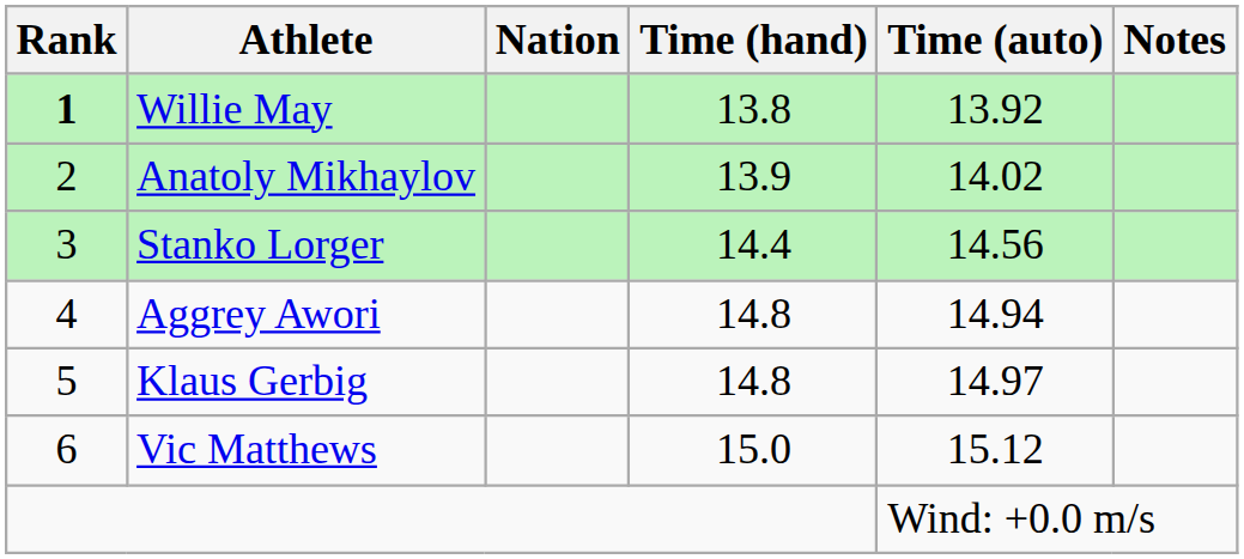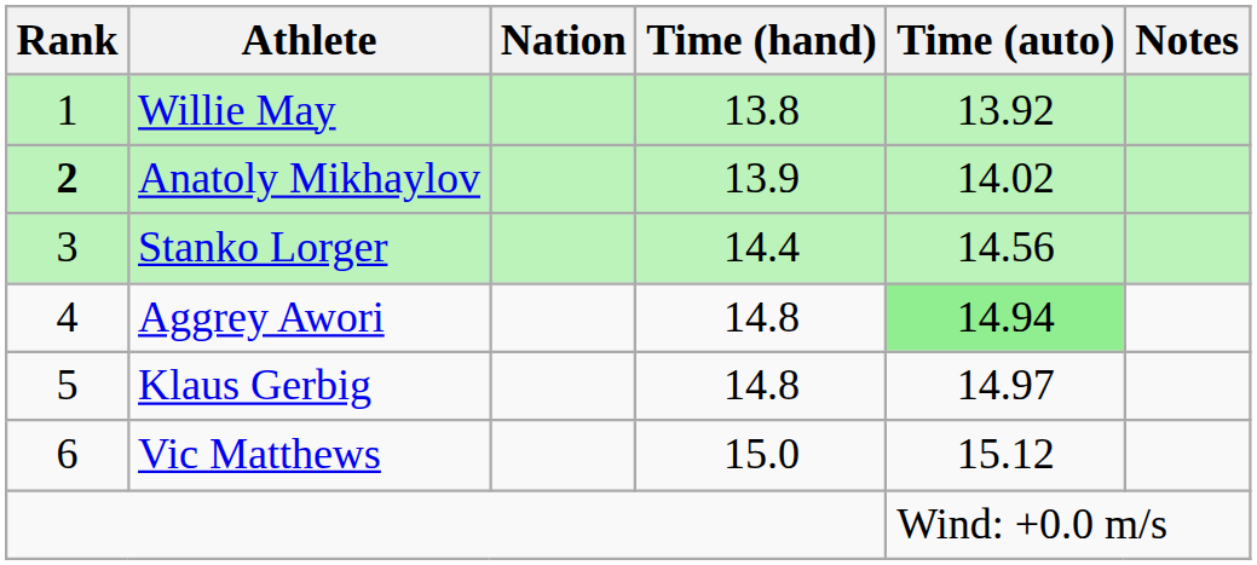 <table class="wikitable sortable" style="text-align:center">
 <tr>
 <th>Rank</th>
 <th>Athlete</th>
 <th>Nation</th>
 <th>Time (hand)</th>
 <th>Time (auto)</th>
 <th>Notes</th>
 </tr>
 <tr bgcolor=bbf3bb>
-<td><strong>1</strong></td>
+<td>1</td>
 <td align=left><a href='#'>Willie May</a></td>
 <td align=left></td>
 <td>13.8</td>
 <td>13.92</td>
 <td></td>
 </tr>
 <tr bgcolor=bbf3bb>
-<td>2</td>
+<td><strong>2</strong></td>
 <td align=left><a href='#'>Anatoly Mikhaylov</a></td>
 <td align=left></td>
 <td>13.9</td>
 <td>14.02</td>
 <td></td>
 </tr>
 <tr bgcolor=bbf3bb>
 <td>3</td>
 <td align=left><a href='#'>Stanko Lorger</a></td>
 <td align=left></td>
 <td>14.4</td>
 <td>14.56</td>
 <td></td>
 </tr>
 <tr>
 <td>4</td>
 <td align=left><a href='#'>Aggrey Awori</a></td>
 <td align=left></td>
 <td>14.8</td>
-<td>14.94</td>
+<td style="background: lightgreen;">14.94</td>
 <td></td>
 </tr>
 <tr>
 <td>5</td>
 <td align=left><a href='#'>Klaus Gerbig</a></td>
 <td align=left></td>
 <td>14.8</td>
 <td>14.97</td>
 <td></td>
 </tr>
 <tr>
 <td>6</td>
 <td align=left><a href='#'>Vic Matthews</a></td>
 <td align=left></td>
 <td>15.0</td>
 <td>15.12</td>
 <td></td>
 </tr>
 <tr class="sortbottom">
 <td colspan=4></td>
 <td colspan="2" style="text-align:left;">Wind: +0.0 m/s</td>
 </tr>
 </table>
